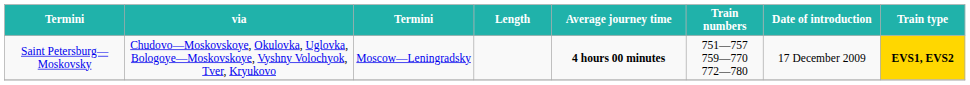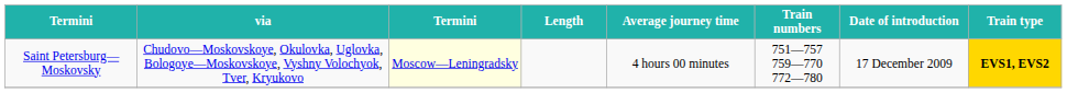 <table class="wikitable" style="text-align:center">
 <tr style="background:LightSeaGreen; color:White">
 <td width="160"><strong>Termini</strong></td>
 <td width="310"><strong>via</strong></td>
 <td width="160"><strong>Termini</strong></td>
 <td width="100"><strong>Length</strong></td>
 <td width="180"><strong>Average journey time</strong></td>
 <td width="100"><strong>Train numbers</strong></td>
 <td width="155"><strong>Date of introduction</strong></td>
 <td width="110"><strong>Train type</strong></td>
 </tr>
 <tr>
 <td><a href='#'>Saint Petersburg—Moskovsky</a></td>
 <td><a href='#'>Chudovo—Moskovskoye</a>, <a href='#'>Okulovka</a>, <a href='#'>Uglovka</a>, <a href='#'>Bologoye—Moskovskoye</a>, <a href='#'>Vyshny Volochyok</a>, <a href='#'>Tver</a>, <a href='#'>Kryukovo</a></td>
-<td><a href='#'>Moscow—Leningradsky</a></td>
+<td style="background: lightyellow;"><a href='#'>Moscow—Leningradsky</a></td>
 <td></td>
-<td><strong>4 hours 00 minutes</strong></td>
+<td>4 hours 00 minutes</td>
 <td>751—757<br>759—770<br>772—780</td>
 <td>17 December 2009</td>
 <td style="background:Gold"><strong> EVS1, EVS2 </strong></td>
 </tr>
 <tr>
 </tr>
 </table>
